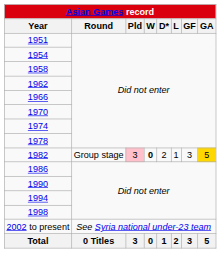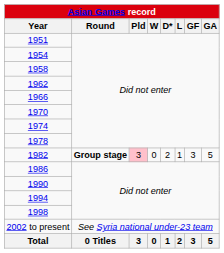 <table class="wikitable" style="text-align: center;font-size:90%;">
 <tr>
 <th colspan=9 style="background: #db000d; color: #FFFFFF;"><a href='#'>Asian Games</a> record</th>
 </tr>
 <tr>
 <th>Year</th>
 <th>Round</th>
 <th>Pld</th>
 <th>W</th>
 <th>D*</th>
 <th>L</th>
 <th>GF</th>
 <th>GA</th>
 </tr>
 <tr>
 <td> <a href='#'>1951</a></td>
 <td colspan=7 rowspan=8><em>Did not enter</em></td>
 </tr>
 <tr>
 <td> <a href='#'>1954</a></td>
 </tr>
 <tr>
 <td> <a href='#'>1958</a></td>
 </tr>
 <tr>
 <td> <a href='#'>1962</a></td>
 </tr>
 <tr>
 <td> <a href='#'>1966</a></td>
 </tr>
 <tr>
 <td> <a href='#'>1970</a></td>
 </tr>
 <tr>
 <td><a href='#'>1974</a></td>
 </tr>
 <tr>
 <td> <a href='#'>1978</a></td>
 </tr>
 <tr>
 <td> <a href='#'>1982</a></td>
-<td>Group stage</td>
+<td><strong>Group stage</strong></td>
 <td style="background: pink;">3</td>
-<td><strong>0</strong></td>
+<td>0</td>
 <td>2</td>
 <td>1</td>
 <td>3</td>
-<td style="background: gold;">5</td>
+<td>5</td>
 </tr>
 <tr>
 <td> <a href='#'>1986</a></td>
 <td colspan=7 rowspan=4><em>Did not enter</em></td>
 </tr>
 <tr>
 <td> <a href='#'>1990</a></td>
 </tr>
 <tr>
 <td> <a href='#'>1994</a></td>
 </tr>
 <tr>
 <td> <a href='#'>1998</a></td>
 </tr>
 <tr>
 <td> <a href='#'>2002</a> to present</td>
 <td colspan=9><em>See <a href='#'>Syria national under-23 team</a></em></td>
 </tr>
 <tr>
 <th><strong>Total</strong></th>
 <th><strong>0 Titles</strong></th>
 <th><strong>3</strong></th>
 <th><strong>0</strong></th>
 <th><strong>1</strong></th>
 <th><strong>2</strong></th>
 <th><strong>3</strong></th>
 <th><strong>5</strong></th>
 </tr>
 </table>
